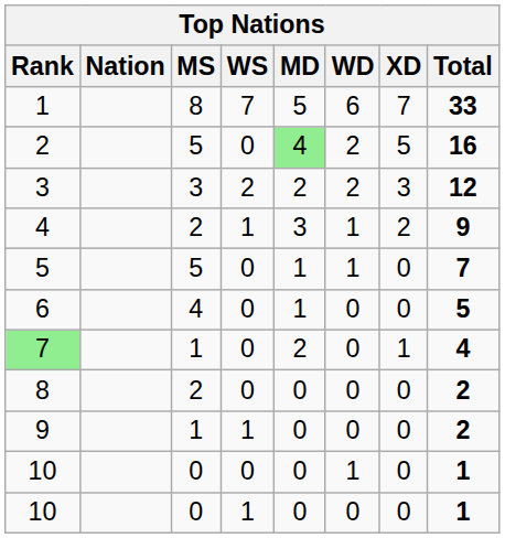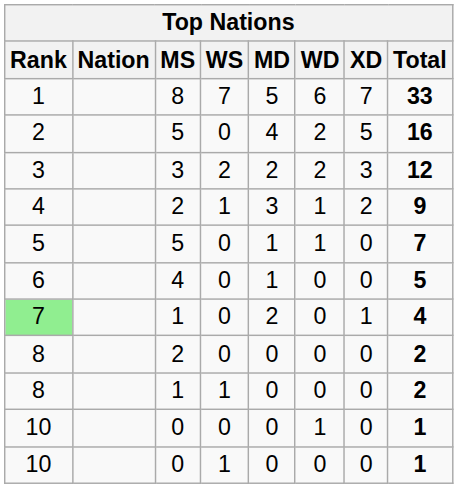 <table class="wikitable" style="text-align:center">
 <tr>
 <th colspan=10>Top Nations</th>
 </tr>
 <tr>
 <th>Rank</th>
 <th>Nation</th>
 <th>MS</th>
 <th>WS</th>
 <th>MD</th>
 <th>WD</th>
 <th>XD</th>
 <th>Total</th>
 </tr>
 <tr>
 <td>1</td>
 <td align=left></td>
 <td>8</td>
 <td>7</td>
 <td>5</td>
 <td>6</td>
 <td>7</td>
 <td><strong>33</strong></td>
 </tr>
 <tr>
 <td>2</td>
 <td align=left></td>
 <td>5</td>
 <td>0</td>
-<td style="background: lightgreen;">4</td>
+<td>4</td>
 <td>2</td>
 <td>5</td>
 <td><strong>16</strong></td>
 </tr>
 <tr align=center>
 <td>3</td>
 <td align=left></td>
 <td>3</td>
 <td>2</td>
 <td>2</td>
 <td>2</td>
 <td>3</td>
 <td><strong>12</strong></td>
 </tr>
 <tr align=center>
 <td>4</td>
 <td align=left></td>
 <td>2</td>
 <td>1</td>
 <td>3</td>
 <td>1</td>
 <td>2</td>
 <td><strong>9</strong></td>
 </tr>
 <tr align=center>
 <td>5</td>
 <td align=left></td>
 <td>5</td>
 <td>0</td>
 <td>1</td>
 <td>1</td>
 <td>0</td>
 <td><strong>7</strong></td>
 </tr>
 <tr align=center>
 <td>6</td>
 <td align=left></td>
 <td>4</td>
 <td>0</td>
 <td>1</td>
 <td>0</td>
 <td>0</td>
 <td><strong>5</strong></td>
 </tr>
 <tr align=center>
 <td style="background: lightgreen;">7</td>
 <td align=left></td>
 <td>1</td>
 <td>0</td>
 <td>2</td>
 <td>0</td>
 <td>1</td>
 <td><strong>4</strong></td>
 </tr>
 <tr align=center>
 <td>8</td>
 <td align=left></td>
 <td>2</td>
 <td>0</td>
 <td>0</td>
 <td>0</td>
 <td>0</td>
 <td><strong>2</strong></td>
 </tr>
 <tr align=center>
-<td>9</td>
+<td>8</td>
 <td align=left></td>
 <td>1</td>
 <td>1</td>
 <td>0</td>
 <td>0</td>
 <td>0</td>
 <td><strong>2</strong></td>
 </tr>
 <tr align=center>
 <td>10</td>
 <td align=left></td>
 <td>0</td>
 <td>0</td>
 <td>0</td>
 <td>1</td>
 <td>0</td>
 <td><strong>1</strong></td>
 </tr>
 <tr align=center>
 <td>10</td>
 <td align=left></td>
 <td>0</td>
 <td>1</td>
 <td>0</td>
 <td>0</td>
 <td>0</td>
 <td><strong>1</strong></td>
 </tr>
 </table>
